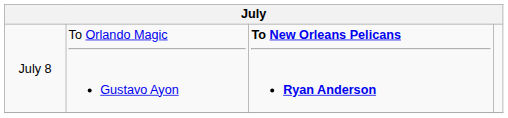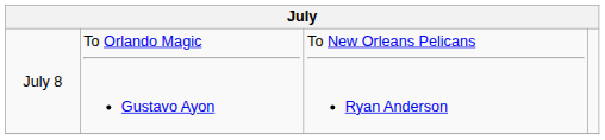 <table class="wikitable" style="text-align:center; width:50%">
 <tr>
 <th colspan=4>July</th>
 </tr>
 <tr>
 <td>July 8</td>
 <td align=left valign=top>To <a href='#'>Orlando Magic</a><hr><br><ul><li><a href='#'>Gustavo Ayon</a></li></ul></td>
-<td align=left valign=top><strong>To <a href='#'>New Orleans Pelicans</a><hr><br><ul><li><a href='#'>Ryan Anderson</a></li></ul></strong></td>
+<td align=left valign=top>To <a href='#'>New Orleans Pelicans</a><hr><br><ul><li><a href='#'>Ryan Anderson</a></li></ul></td>
 <td></td>
 </tr>
 <tr>
 </tr>
 </table>
